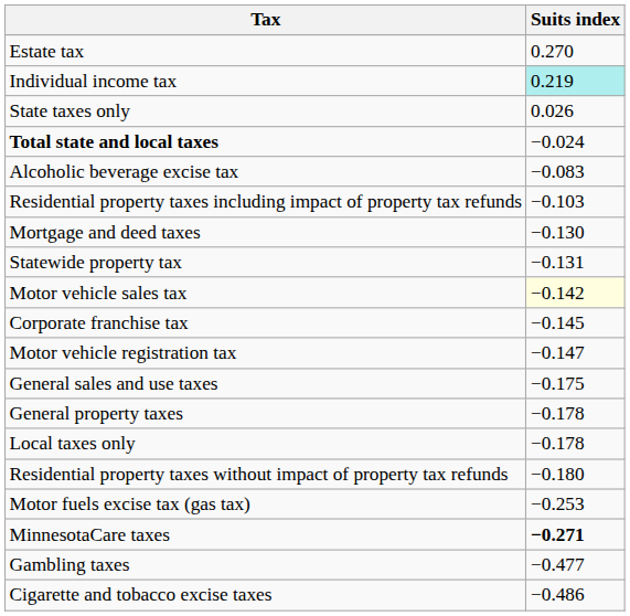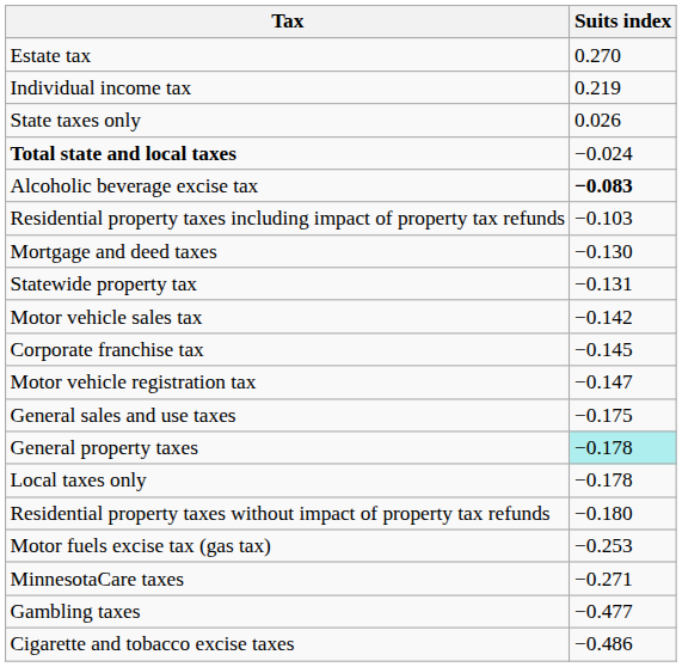 <table class="wikitable">
 <tr>
 <th>Tax</th>
 <th>Suits index</th>
 </tr>
 <tr>
 </tr>
 <tr>
 <td>Estate tax</td>
 <td>0.270</td>
 </tr>
 <tr>
 <td>Individual income tax</td>
-<td style="background: paleturquoise;">0.219</td>
+<td>0.219</td>
 </tr>
 <tr>
 <td>State taxes only</td>
 <td>0.026</td>
 </tr>
 <tr>
 <td><strong>Total state and local taxes</strong></td>
 <td>−0.024</td>
 </tr>
 <tr>
 <td>Alcoholic beverage excise tax</td>
-<td>−0.083</td>
+<td><strong>−0.083</strong></td>
 </tr>
 <tr>
 <td>Residential property taxes including impact of property tax refunds</td>
 <td>−0.103</td>
 </tr>
 <tr>
 <td>Mortgage and deed taxes</td>
 <td>−0.130</td>
 </tr>
 <tr>
 <td>Statewide property tax</td>
 <td>−0.131</td>
 </tr>
 <tr>
 <td>Motor vehicle sales tax</td>
-<td style="background: lightyellow;">−0.142</td>
+<td>−0.142</td>
 </tr>
 <tr>
 <td>Corporate franchise tax</td>
 <td>−0.145</td>
 </tr>
 <tr>
 <td>Motor vehicle registration tax</td>
 <td>−0.147</td>
 </tr>
 <tr>
 <td>General sales and use taxes</td>
 <td>−0.175</td>
 </tr>
 <tr>
 <td>General property taxes</td>
-<td>−0.178</td>
+<td style="background: paleturquoise;">−0.178</td>
 </tr>
 <tr>
 <td>Local taxes only</td>
 <td>−0.178</td>
 </tr>
 <tr>
 <td>Residential property taxes without impact of property tax refunds</td>
 <td>−0.180</td>
 </tr>
 <tr>
 <td>Motor fuels excise tax (gas tax)</td>
 <td>−0.253</td>
 </tr>
 <tr>
 <td>MinnesotaCare taxes</td>
-<td><strong>−0.271</strong></td>
+<td>−0.271</td>
 </tr>
 <tr>
 <td>Gambling taxes</td>
 <td>−0.477</td>
 </tr>
 <tr>
 <td>Cigarette and tobacco excise taxes</td>
 <td>−0.486</td>
 </tr>
 </table>
